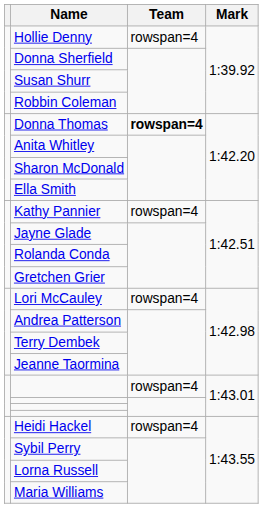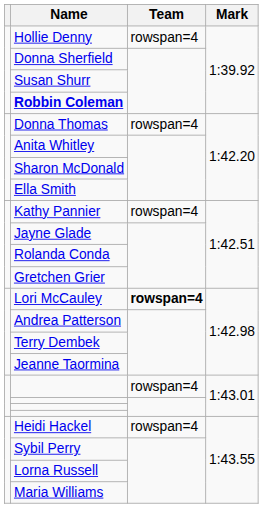 <table class=wikitable>
 <tr>
 <th></th>
 <th>Name</th>
 <th>Team</th>
 <th>Mark</th>
 </tr>
 <tr>
 <td rowspan=4></td>
 <td><a href='#'>Hollie Denny</a></td>
 <td>rowspan=4 </td>
 <td rowspan=4>1:39.92</td>
 </tr>
 <tr>
 <td><a href='#'>Donna Sherfield</a></td>
 </tr>
 <tr>
 <td><a href='#'>Susan Shurr</a></td>
 </tr>
 <tr>
-<td><a href='#'>Robbin Coleman</a></td>
+<td><strong><a href='#'>Robbin Coleman</a></strong></td>
 </tr>
 <tr>
 <td rowspan=4></td>
 <td><a href='#'>Donna Thomas</a></td>
-<td><strong>rowspan=4 </strong></td>
+<td>rowspan=4 </td>
 <td rowspan=4>1:42.20</td>
 </tr>
 <tr>
 <td><a href='#'>Anita Whitley</a></td>
 </tr>
 <tr>
 <td><a href='#'>Sharon McDonald</a></td>
 </tr>
 <tr>
 <td><a href='#'>Ella Smith</a></td>
 </tr>
 <tr>
 <td rowspan=4></td>
 <td><a href='#'>Kathy Pannier</a></td>
 <td>rowspan=4 </td>
 <td rowspan=4>1:42.51</td>
 </tr>
 <tr>
 <td><a href='#'>Jayne Glade</a></td>
 </tr>
 <tr>
 <td><a href='#'>Rolanda Conda</a></td>
 </tr>
 <tr>
 <td><a href='#'>Gretchen Grier</a></td>
 </tr>
 <tr>
 <td rowspan=4></td>
 <td><a href='#'>Lori McCauley</a></td>
-<td>rowspan=4 </td>
+<td><strong>rowspan=4 </strong></td>
 <td rowspan=4>1:42.98</td>
 </tr>
 <tr>
 <td><a href='#'>Andrea Patterson</a></td>
 </tr>
 <tr>
 <td><a href='#'>Terry Dembek</a></td>
 </tr>
 <tr>
 <td><a href='#'>Jeanne Taormina</a></td>
 </tr>
 <tr>
 <td rowspan=4></td>
 <td></td>
 <td>rowspan=4 </td>
 <td rowspan=4>1:43.01</td>
 </tr>
 <tr>
 <td></td>
 </tr>
 <tr>
 <td></td>
 </tr>
 <tr>
 <td></td>
 </tr>
 <tr>
 <td rowspan=4></td>
 <td><a href='#'>Heidi Hackel</a></td>
 <td>rowspan=4 </td>
 <td rowspan=4>1:43.55</td>
 </tr>
 <tr>
 <td><a href='#'>Sybil Perry</a></td>
 </tr>
 <tr>
 <td><a href='#'>Lorna Russell</a></td>
 </tr>
 <tr>
 <td><a href='#'>Maria Williams</a></td>
 </tr>
 </table>
